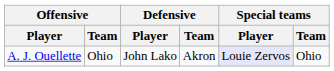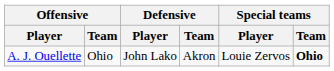 <table class="wikitable" style="display: inline-table;">
 <tr>
 <th colspan="2">Offensive</th>
 <th colspan="2">Defensive</th>
 <th colspan="2">Special teams</th>
 </tr>
 <tr>
 <th>Player</th>
 <th>Team</th>
 <th>Player</th>
 <th>Team</th>
 <th>Player</th>
 <th>Team</th>
 </tr>
 <tr>
 <td><a href='#'>A. J. Ouellette</a></td>
 <td>Ohio</td>
 <td>John Lako</td>
 <td>Akron</td>
-<td style="background: lavender;">Louie Zervos</td>
-<td>Ohio</td>
+<td>Louie Zervos</td>
+<td><strong>Ohio</strong></td>
 </tr>
 </table>
